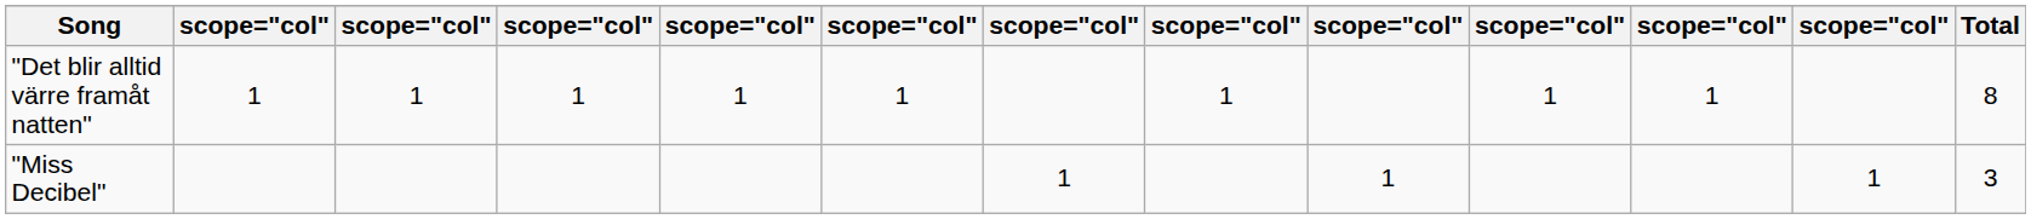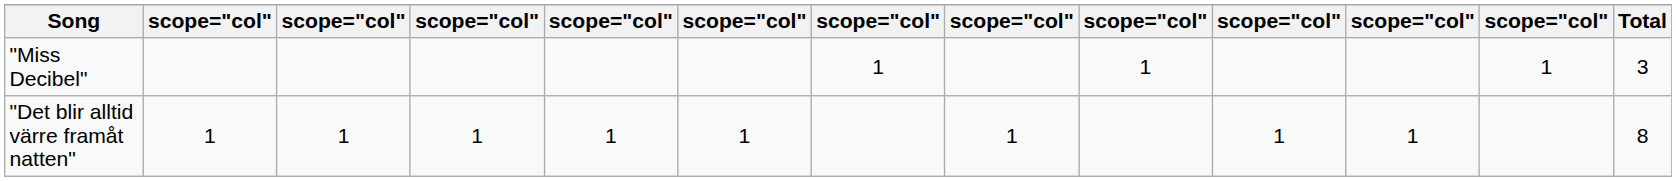 <table class="wikitable plainrowheaders" style="margin: 1em auto 1em auto; text-align:center;">
 <tr>
 </tr>
 <tr>
 <th scope="col">Song</th>
 <th>scope="col" </th>
 <th>scope="col" </th>
 <th>scope="col" </th>
 <th>scope="col" </th>
 <th>scope="col" </th>
 <th>scope="col" </th>
 <th>scope="col" </th>
 <th>scope="col" </th>
 <th>scope="col" </th>
 <th>scope="col" </th>
 <th>scope="col" </th>
 <th scope="col">Total</th>
 </tr>
 <tr --->
+<td align="left">"Miss Decibel"</td>
+<td></td>
+<td></td>
+<td></td>
+<td></td>
+<td></td>
+<td>1</td>
+<td></td>
+<td>1</td>
+<td></td>
+<td></td>
+<td>1</td>
+<td>3</td>
+</tr>
+<tr --->
 <td align="left">"Det blir alltid värre framåt natten"</td>
 <td>1</td>
 <td>1</td>
 <td>1</td>
 <td>1</td>
 <td>1</td>
 <td></td>
 <td>1</td>
 <td></td>
 <td>1</td>
 <td>1</td>
 <td></td>
 <td>8</td>
 </tr>
-<tr --->
-<td align="left">"Miss Decibel"</td>
-<td></td>
-<td></td>
-<td></td>
-<td></td>
-<td></td>
-<td>1</td>
-<td></td>
-<td>1</td>
-<td></td>
-<td></td>
-<td>1</td>
-<td>3</td>
-</tr>
 </table>
